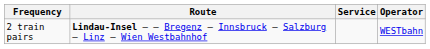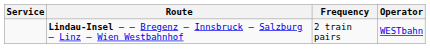 <table class="wikitable">
 <tr>
+<th>Service</th>
+<th>Route</th>
 <th>Frequency</th>
-<th>Route</th>
-<th>Service</th>
 <th>Operator</th>
 </tr>
 <tr>
+<td></td>
+<td><strong>Lindau-Insel</strong> –  – <a href='#'>Bregenz</a> – <a href='#'>Innsbruck</a> – <a href='#'>Salzburg</a> – <a href='#'>Linz</a> – <a href='#'>Wien Westbahnhof</a></td>
 <td>2 train pairs</td>
-<td><strong>Lindau-Insel</strong> –  – <a href='#'>Bregenz</a> – <a href='#'>Innsbruck</a> – <a href='#'>Salzburg</a> – <a href='#'>Linz</a> – <a href='#'>Wien Westbahnhof</a></td>
-<td></td>
 <td><a href='#'>WESTbahn</a></td>
 </tr>
 </table>
